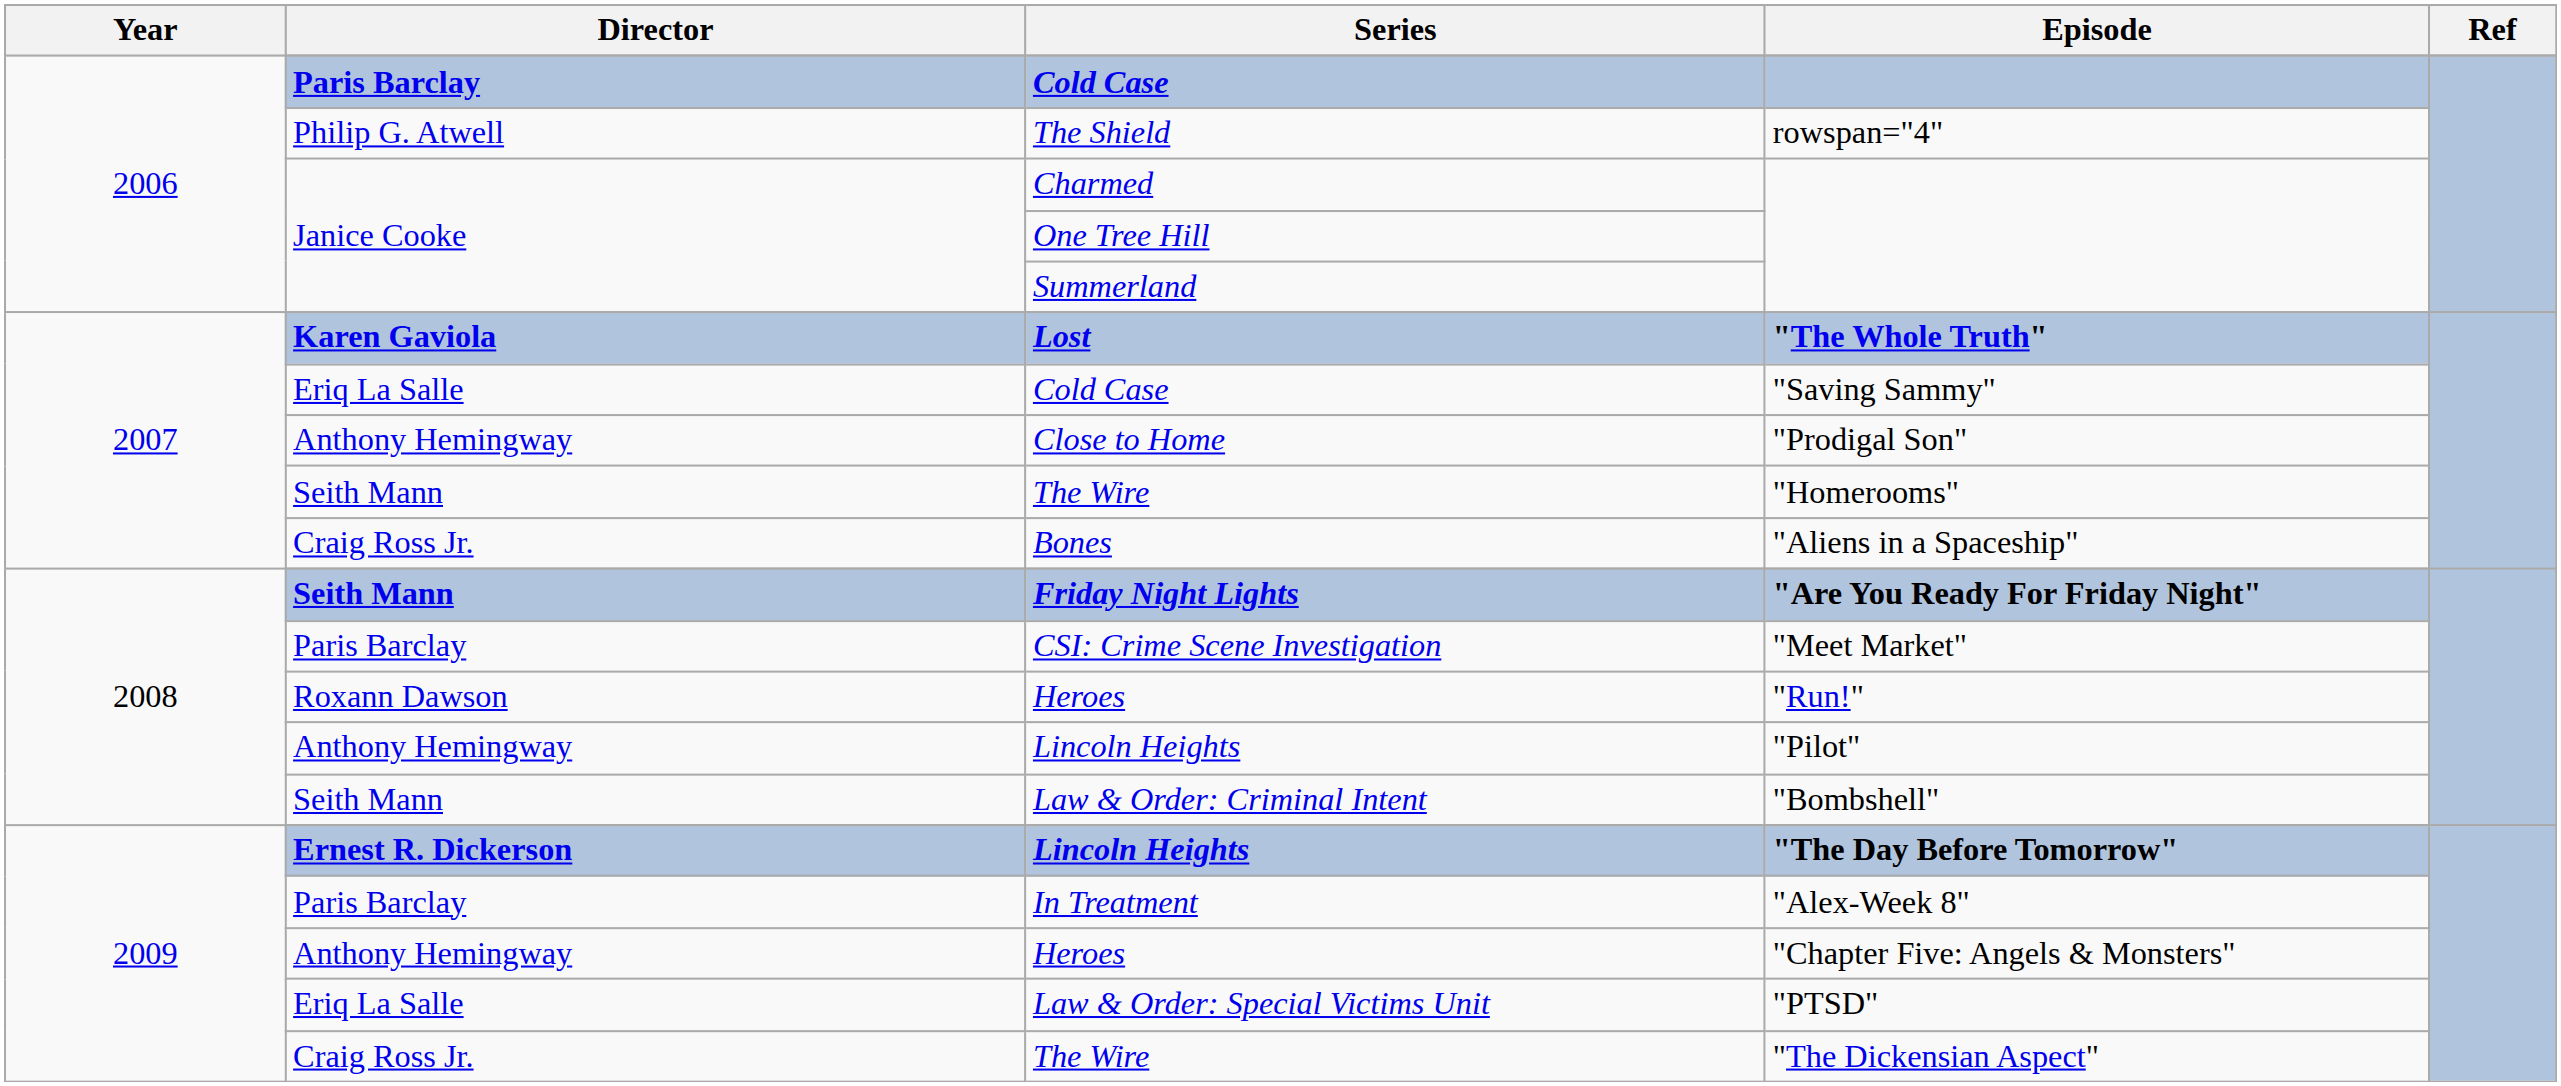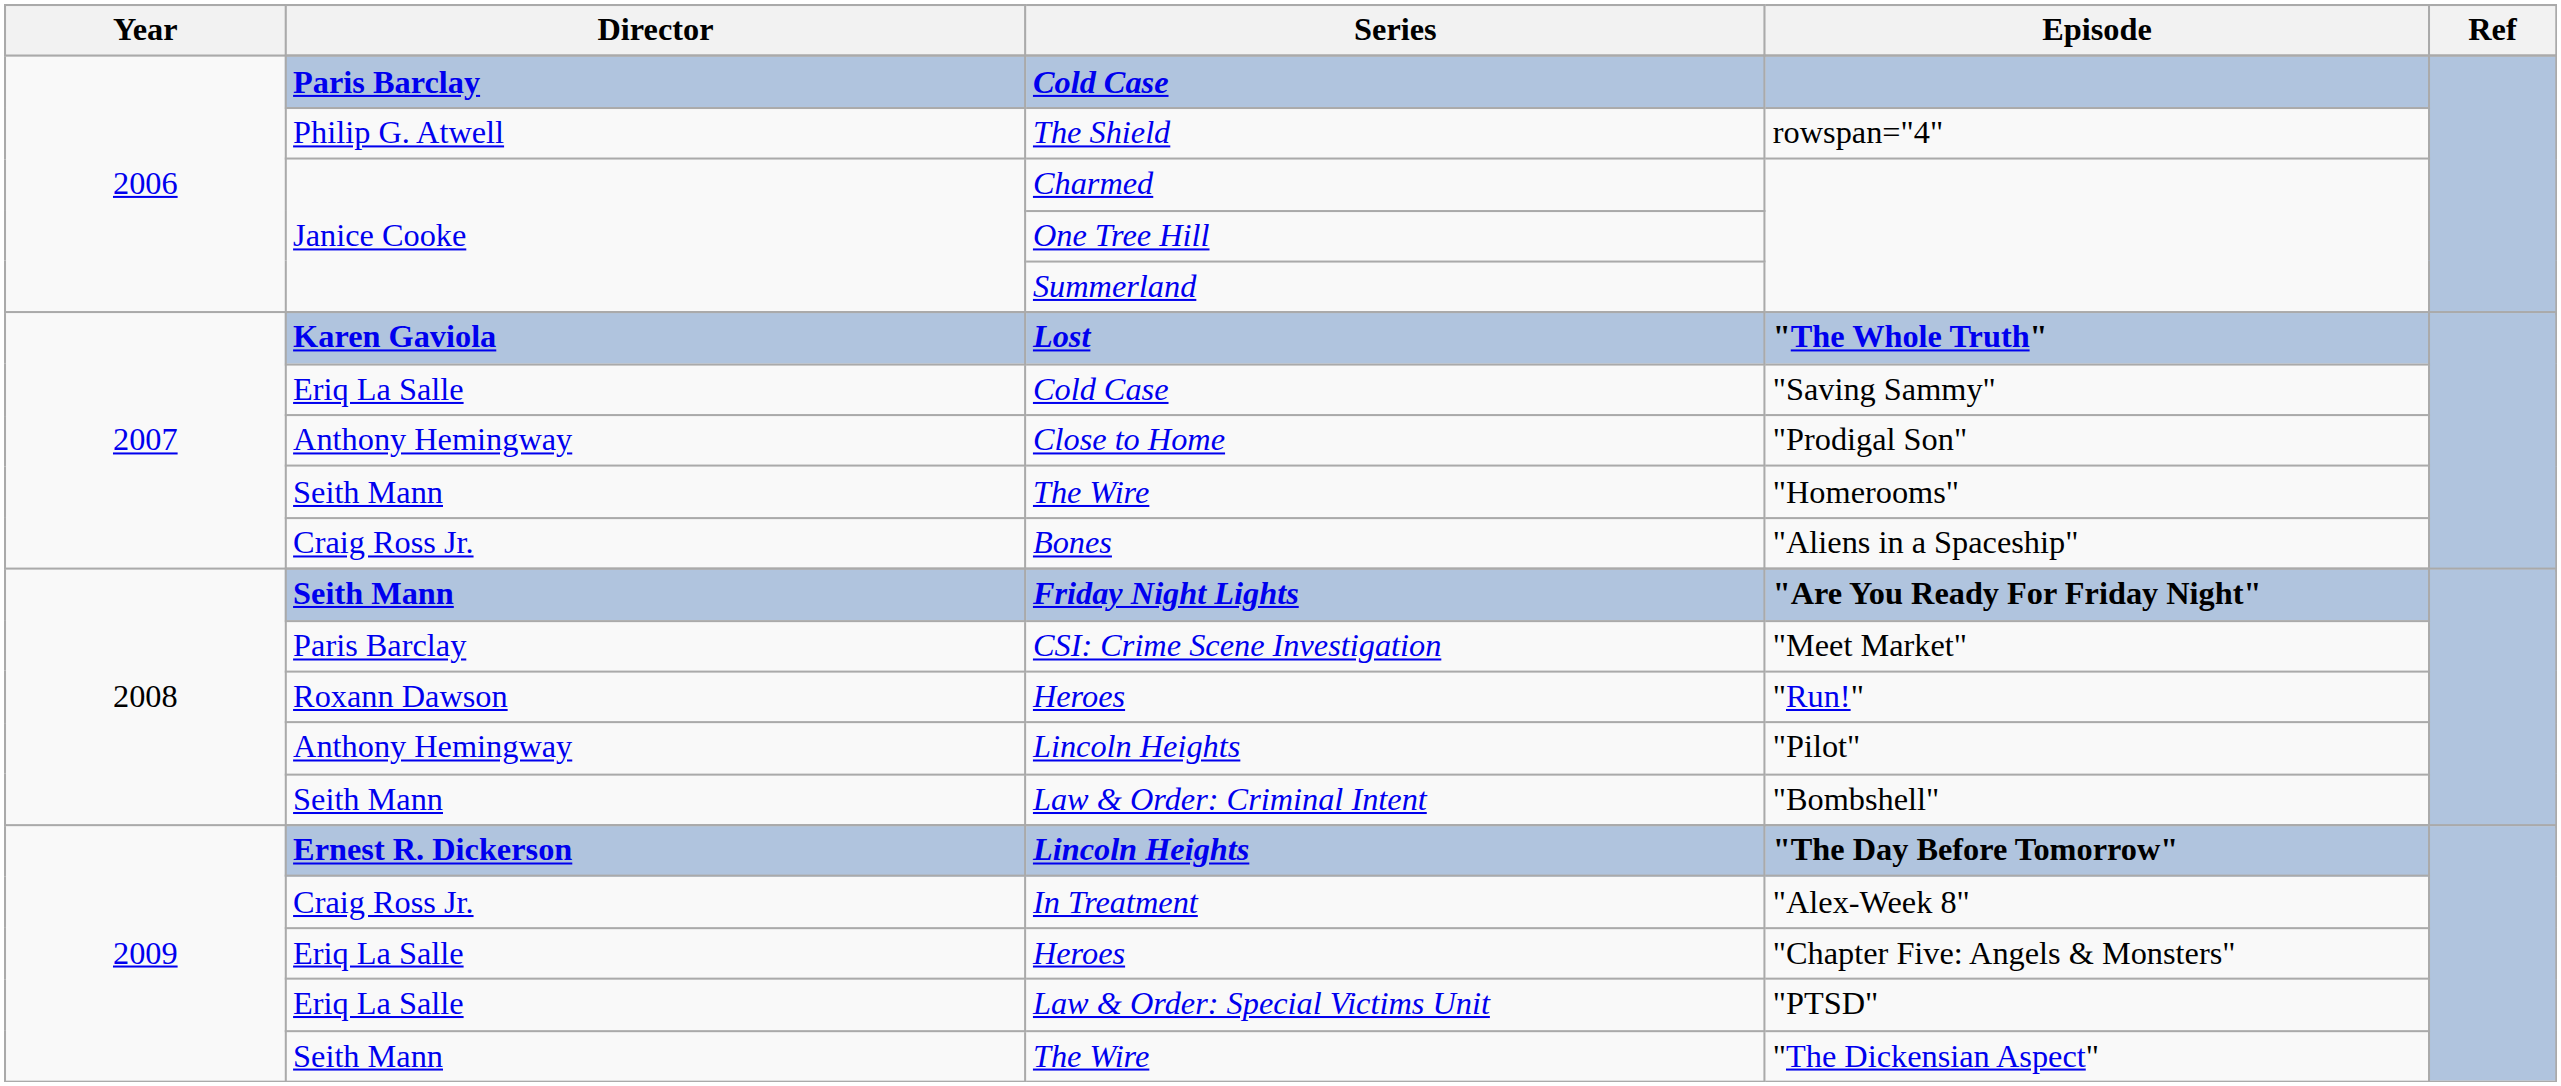 <table class="wikitable" style="width:100%;">
 <tr style="background:#bebebe;">
 <th style="width:11%;">Year</th>
 <th style="width:29%;">Director</th>
 <th style="width:29%;">Series</th>
 <th style="width:26%;">Episode</th>
 <th style="width:5%;">Ref</th>
 </tr>
 <tr>
 <td rowspan="6" align="center"><a href='#'>2006</a></td>
 </tr>
 <tr style="background:#B0C4DE">
 <td><strong><a href='#'>Paris Barclay</a></strong></td>
 <td><strong><em><a href='#'>Cold Case</a></em></strong></td>
 <td align="center"></td>
 <td rowspan="6" align="center"></td>
 </tr>
 <tr>
 <td><a href='#'>Philip G. Atwell</a></td>
 <td><em><a href='#'>The Shield</a></em></td>
 <td>rowspan="4" </td>
 </tr>
 <tr>
 <td rowspan="3"><a href='#'>Janice Cooke</a></td>
 <td><em><a href='#'>Charmed</a></em></td>
 </tr>
 <tr>
 <td><em><a href='#'>One Tree Hill</a></em></td>
 </tr>
 <tr>
 <td><em><a href='#'>Summerland</a></em></td>
 </tr>
 <tr>
 <td rowspan="6" align="center"><a href='#'>2007</a></td>
 </tr>
 <tr style="background:#B0C4DE">
 <td><strong><a href='#'>Karen Gaviola</a></strong></td>
 <td><strong><em><a href='#'>Lost</a></em></strong></td>
 <td><strong>"<a href='#'>The Whole Truth</a>"</strong></td>
 <td rowspan="6" align="center"></td>
 </tr>
 <tr>
 <td><a href='#'>Eriq La Salle</a></td>
 <td><em><a href='#'>Cold Case</a></em></td>
 <td>"Saving Sammy"</td>
 </tr>
 <tr>
 <td><a href='#'>Anthony Hemingway</a></td>
 <td><em><a href='#'>Close to Home</a></em></td>
 <td>"Prodigal Son"</td>
 </tr>
 <tr>
 <td><a href='#'>Seith Mann</a></td>
 <td><em><a href='#'>The Wire</a></em></td>
 <td>"Homerooms"</td>
 </tr>
 <tr>
 <td><a href='#'>Craig Ross Jr.</a></td>
 <td><em><a href='#'>Bones</a></em></td>
 <td>"Aliens in a Spaceship"</td>
 </tr>
 <tr>
 <td rowspan="6" align="center">2008</td>
 </tr>
 <tr style="background:#B0C4DE">
 <td><strong><a href='#'>Seith Mann</a></strong></td>
 <td><strong><em><a href='#'>Friday Night Lights</a></em></strong></td>
 <td><strong>"Are You Ready For Friday Night"</strong></td>
 <td rowspan="6" align="center"></td>
 </tr>
 <tr>
 <td><a href='#'>Paris Barclay</a></td>
 <td><em><a href='#'>CSI: Crime Scene Investigation</a></em></td>
 <td>"Meet Market"</td>
 </tr>
 <tr>
 <td><a href='#'>Roxann Dawson</a></td>
 <td><em><a href='#'>Heroes</a></em></td>
 <td>"<a href='#'>Run!</a>"</td>
 </tr>
 <tr>
 <td><a href='#'>Anthony Hemingway</a></td>
 <td><em><a href='#'>Lincoln Heights</a></em></td>
 <td>"Pilot"</td>
 </tr>
 <tr>
 <td><a href='#'>Seith Mann</a></td>
 <td><em><a href='#'>Law & Order: Criminal Intent</a></em></td>
 <td>"Bombshell"</td>
 </tr>
 <tr>
 <td rowspan="6" align="center"><a href='#'>2009</a></td>
 </tr>
 <tr style="background:#B0C4DE">
 <td><strong><a href='#'>Ernest R. Dickerson</a></strong></td>
 <td><strong><em><a href='#'>Lincoln Heights</a></em></strong></td>
 <td><strong>"The Day Before Tomorrow"</strong></td>
 <td rowspan="6" align="center"></td>
 </tr>
 <tr>
-<td><a href='#'>Paris Barclay</a></td>
+<td><a href='#'>Craig Ross Jr.</a></td>
 <td><em><a href='#'>In Treatment</a></em></td>
 <td>"Alex-Week 8"</td>
 </tr>
 <tr>
-<td><a href='#'>Anthony Hemingway</a></td>
+<td><a href='#'>Eriq La Salle</a></td>
 <td><em><a href='#'>Heroes</a></em></td>
 <td>"Chapter Five: Angels & Monsters"</td>
 </tr>
 <tr>
 <td><a href='#'>Eriq La Salle</a></td>
 <td><em><a href='#'>Law & Order: Special Victims Unit</a></em></td>
 <td>"PTSD"</td>
 </tr>
 <tr>
-<td><a href='#'>Craig Ross Jr.</a></td>
+<td><a href='#'>Seith Mann</a></td>
 <td><em><a href='#'>The Wire</a></em></td>
 <td>"<a href='#'>The Dickensian Aspect</a>"</td>
 </tr>
 </table>
